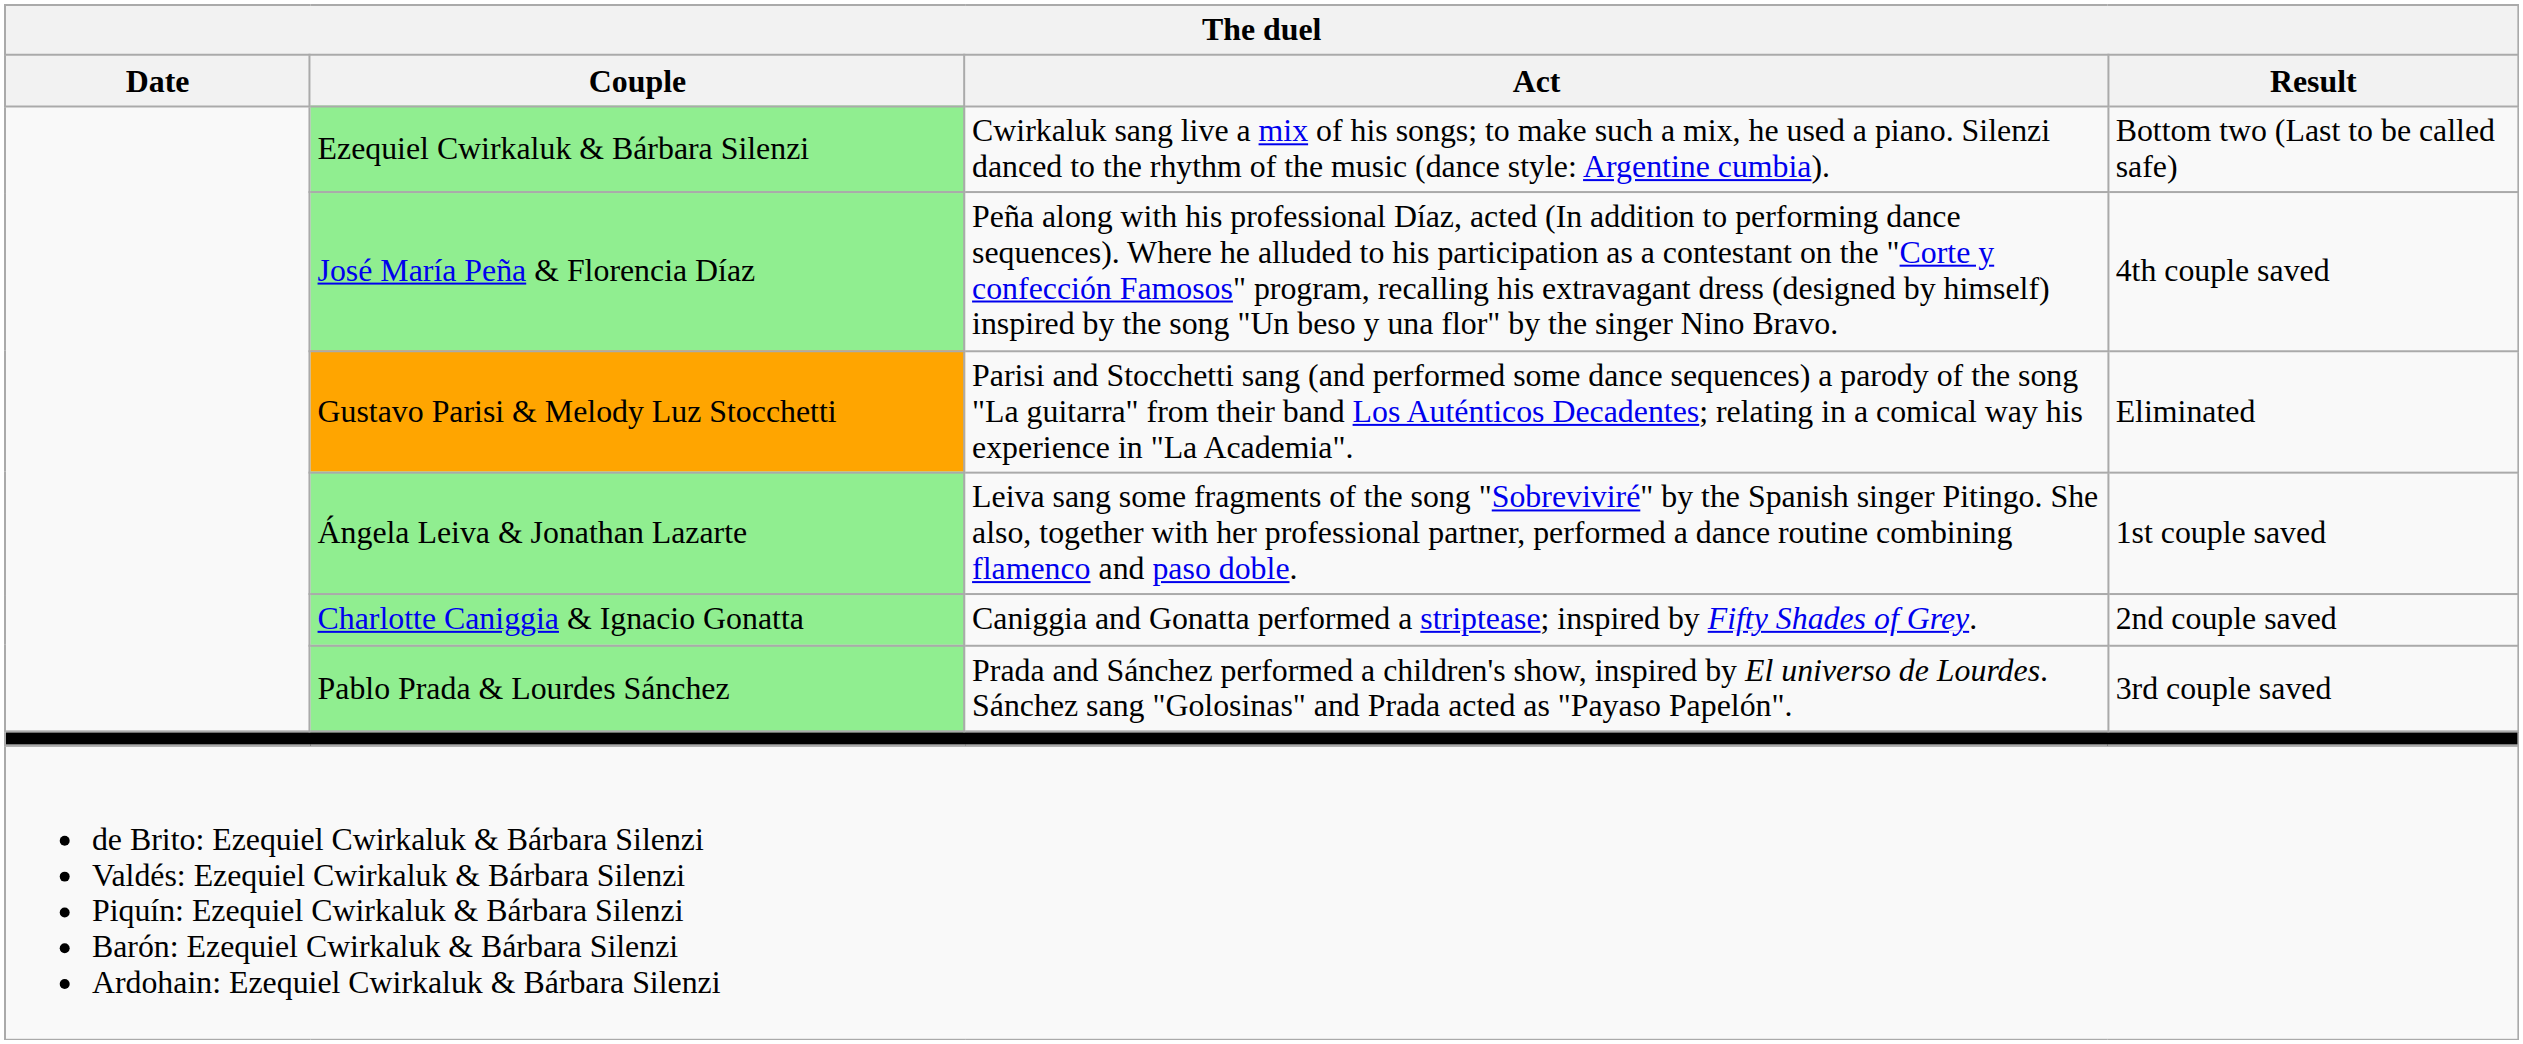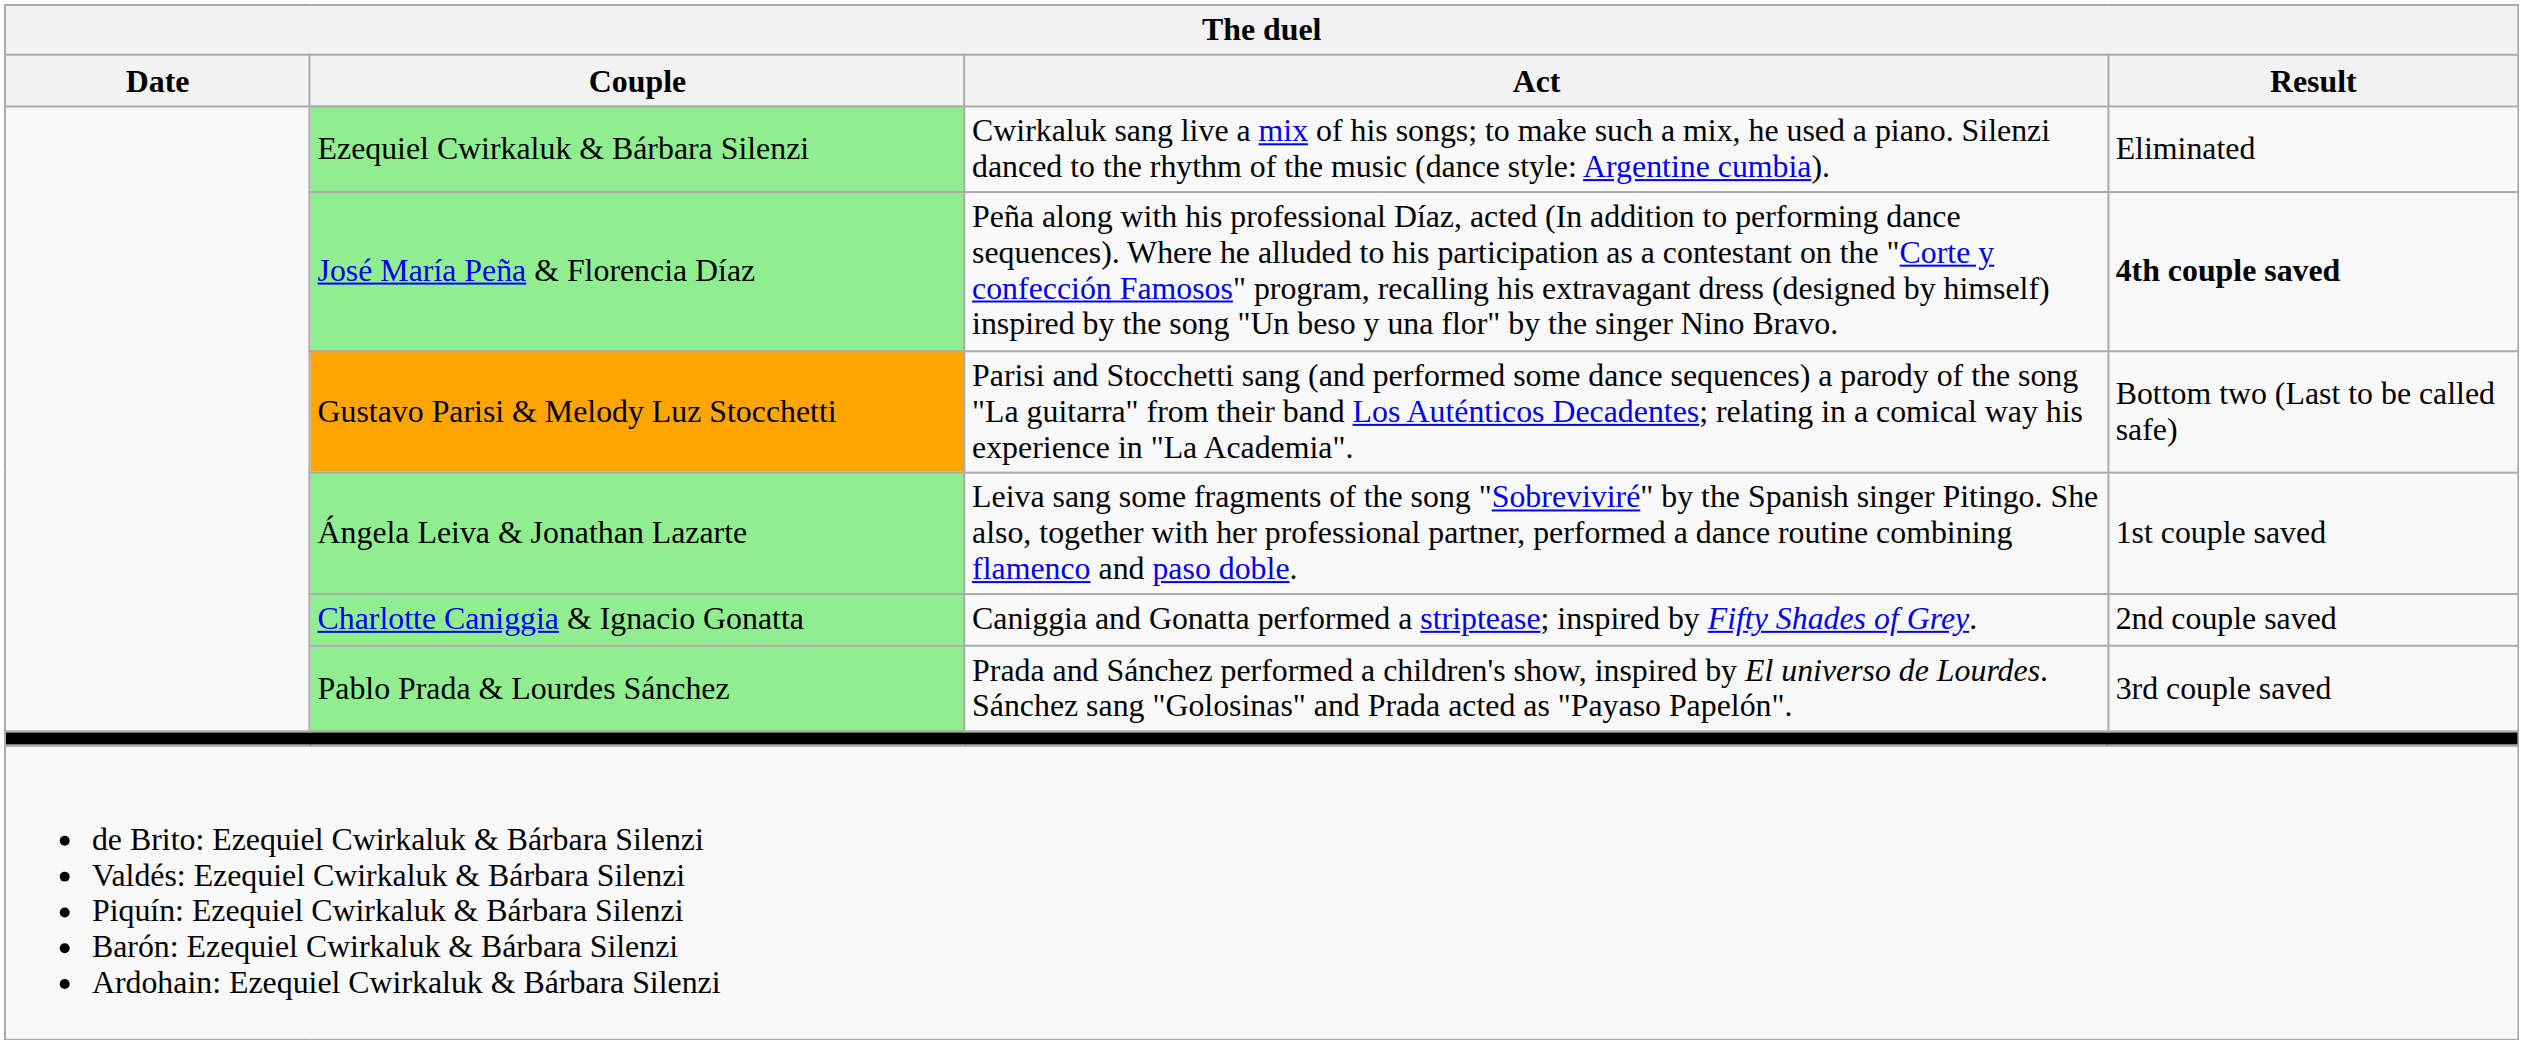 <table class="wikitable collapsible collapsed" style="text-align: align; width: 100%">
 <tr>
 <th colspan="11" style="with: 100%" align="center">The duel</th>
 </tr>
 <tr>
 <th width=80>Date</th>
 <th width=180>Couple</th>
 <th width=320>Act</th>
 <th width=110>Result</th>
 </tr>
 <tr>
 <td rowspan="6"></td>
 <td bgcolor="lightgreen">Ezequiel Cwirkaluk & Bárbara Silenzi</td>
 <td>Cwirkaluk sang live a <a href='#'>mix</a> of his songs; to make such a mix, he used a piano. Silenzi danced to the rhythm of the music (dance style: <a href='#'>Argentine cumbia</a>).<br></td>
-<td>Bottom two (Last to be called safe)</td>
+<td>Eliminated</td>
 </tr>
 <tr>
 <td bgcolor="lightgreen"><a href='#'>José María Peña</a> & Florencia Díaz</td>
 <td>Peña along with his professional Díaz, acted (In addition to performing dance sequences). Where he alluded to his participation as a contestant on the "<a href='#'>Corte y confección Famosos</a>" program, recalling his extravagant dress (designed by himself) inspired by the song "Un beso y una flor" by the singer Nino Bravo.<br></td>
-<td>4th couple saved</td>
+<td><strong>4th couple saved</strong></td>
 </tr>
 <tr>
 <td bgcolor="orange">Gustavo Parisi & Melody Luz Stocchetti</td>
 <td>Parisi and Stocchetti sang (and performed some dance sequences) a parody of the song "La guitarra" from their band <a href='#'>Los Auténticos Decadentes</a>; relating in a comical way his experience in "La Academia".<br></td>
-<td>Eliminated</td>
+<td>Bottom two (Last to be called safe)</td>
 </tr>
 <tr>
 <td bgcolor="lightgreen">Ángela Leiva & Jonathan Lazarte</td>
 <td>Leiva sang some fragments of the song "<a href='#'>Sobreviviré</a>" by the Spanish singer Pitingo. She also, together with her professional partner, performed a dance routine combining <a href='#'>flamenco</a> and <a href='#'>paso doble</a>.<br></td>
 <td>1st couple saved</td>
 </tr>
 <tr>
 <td bgcolor="lightgreen"><a href='#'>Charlotte Caniggia</a> & Ignacio Gonatta</td>
 <td>Caniggia and Gonatta performed a <a href='#'>striptease</a>; inspired by <em><a href='#'>Fifty Shades of Grey</a></em>.<br></td>
 <td>2nd couple saved</td>
 </tr>
 <tr>
 <td bgcolor="lightgreen">Pablo Prada & Lourdes Sánchez</td>
 <td>Prada and Sánchez performed a children's show, inspired by <em>El universo de Lourdes</em>. Sánchez sang "Golosinas" and Prada acted as "Payaso Papelón".<br></td>
 <td>3rd couple saved</td>
 </tr>
 <tr>
 <th style="background:black" colspan="4"></th>
 </tr>
 <tr>
 <td colspan="4"><br><ul><li>de Brito: Ezequiel Cwirkaluk & Bárbara Silenzi</li><li>Valdés: Ezequiel Cwirkaluk & Bárbara Silenzi</li><li>Piquín: Ezequiel Cwirkaluk & Bárbara Silenzi</li><li>Barón: Ezequiel Cwirkaluk & Bárbara Silenzi</li><li>Ardohain: Ezequiel Cwirkaluk & Bárbara Silenzi</li></ul></td>
 </tr>
 </table>
